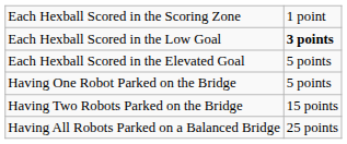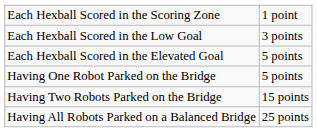 <table class="wikitable" style="float:right">
 <tr>
 <td>Each Hexball Scored in the Scoring Zone</td>
 <td>1 point</td>
 </tr>
 <tr>
 <td>Each Hexball Scored in the Low Goal</td>
-<td><strong>3 points</strong></td>
+<td>3 points</td>
 </tr>
 <tr>
 <td>Each Hexball Scored in the Elevated Goal</td>
 <td>5 points</td>
 </tr>
 <tr>
 <td>Having One Robot Parked on the Bridge</td>
 <td>5 points</td>
 </tr>
 <tr>
 <td>Having Two Robots Parked on the Bridge</td>
 <td>15 points</td>
 </tr>
 <tr>
 <td>Having All Robots Parked on a Balanced Bridge</td>
 <td>25 points</td>
 </tr>
 </table>
